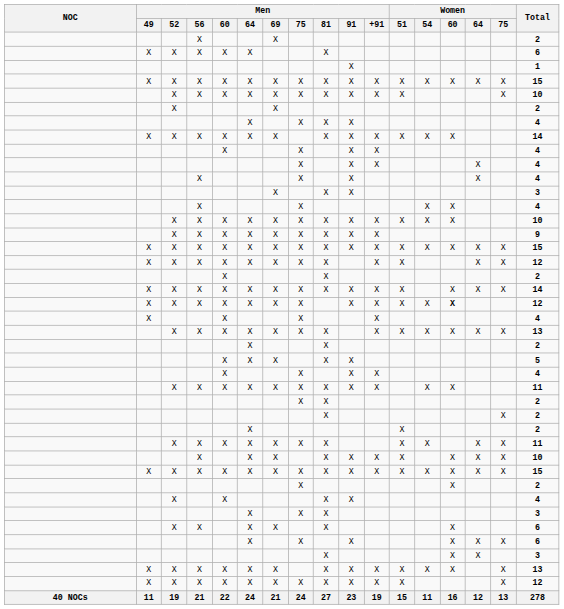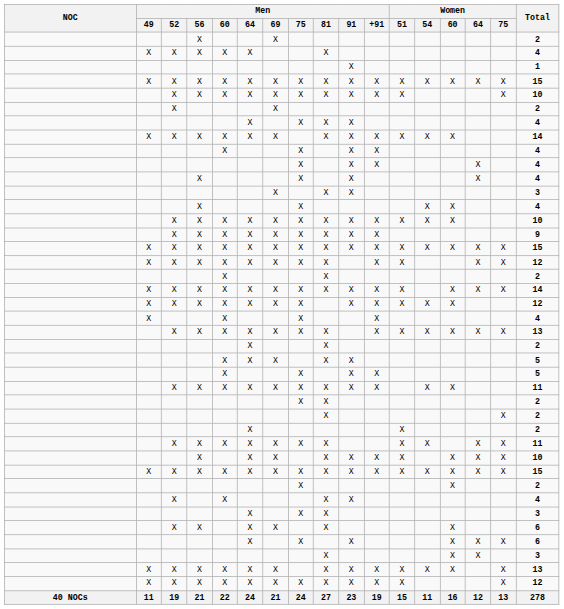 <table class="wikitable" style="text-align:center; font-size:90%">
 <tr>
 <th rowspan="2" width=180 align="left">NOC</th>
 <th colspan="10">Men</th>
 <th colspan=5>Women</th>
 <th ! width=55 rowspan="2">Total</th>
 </tr>
 <tr>
 <th width=30>49</th>
 <th width=30>52</th>
 <th width=30>56</th>
 <th width=30>60</th>
 <th width=30>64</th>
 <th width=30>69</th>
 <th width=30>75</th>
 <th width=30>81</th>
 <th width=30>91</th>
 <th width=30>+91</th>
 <th width=30>51</th>
 <th width=30>54</th>
 <th width=30>60</th>
 <th width=30>64</th>
 <th width=30>75</th>
 </tr>
 <tr>
 <td align=left></td>
 <td></td>
 <td></td>
 <td>X</td>
 <td></td>
 <td></td>
 <td>X</td>
 <td></td>
 <td></td>
 <td></td>
 <td></td>
 <td></td>
 <td></td>
 <td></td>
 <td></td>
 <td></td>
 <td><strong>2</strong></td>
 </tr>
 <tr>
 <td align=left></td>
 <td>X</td>
 <td>X</td>
 <td>X</td>
 <td>X</td>
 <td>X</td>
 <td></td>
 <td></td>
 <td>X</td>
 <td></td>
 <td></td>
 <td></td>
 <td></td>
 <td></td>
 <td></td>
 <td></td>
-<td><strong>6</strong></td>
+<td><strong>4</strong></td>
 </tr>
 <tr>
 <td align=left></td>
 <td></td>
 <td></td>
 <td></td>
 <td></td>
 <td></td>
 <td></td>
 <td></td>
 <td></td>
 <td>X</td>
 <td></td>
 <td></td>
 <td></td>
 <td></td>
 <td></td>
 <td></td>
 <td><strong>1</strong></td>
 </tr>
 <tr>
 <td align=left></td>
 <td>X</td>
 <td>X</td>
 <td>X</td>
 <td>X</td>
 <td>X</td>
 <td>X</td>
 <td>X</td>
 <td>X</td>
 <td>X</td>
 <td>X</td>
 <td>X</td>
 <td>X</td>
 <td>X</td>
 <td>X</td>
 <td>X</td>
 <td><strong>15</strong></td>
 </tr>
 <tr>
 <td align=left></td>
 <td></td>
 <td>X</td>
 <td>X</td>
 <td>X</td>
 <td>X</td>
 <td>X</td>
 <td>X</td>
 <td>X</td>
 <td>X</td>
 <td>X</td>
 <td>X</td>
 <td></td>
 <td></td>
 <td></td>
 <td>X</td>
 <td><strong>10</strong></td>
 </tr>
 <tr>
 <td align=left></td>
 <td></td>
 <td>X</td>
 <td></td>
 <td></td>
 <td></td>
 <td>X</td>
 <td></td>
 <td></td>
 <td></td>
 <td></td>
 <td></td>
 <td></td>
 <td></td>
 <td></td>
 <td></td>
 <td><strong>2</strong></td>
 </tr>
 <tr>
 <td align=left></td>
 <td></td>
 <td></td>
 <td></td>
 <td></td>
 <td>X</td>
 <td></td>
 <td>X</td>
 <td>X</td>
 <td>X</td>
 <td></td>
 <td></td>
 <td></td>
 <td></td>
 <td></td>
 <td></td>
 <td><strong>4</strong></td>
 </tr>
 <tr>
 <td align=left></td>
 <td>X</td>
 <td>X</td>
 <td>X</td>
 <td>X</td>
 <td>X</td>
 <td>X</td>
 <td></td>
 <td>X</td>
 <td>X</td>
 <td>X</td>
 <td>X</td>
 <td>X</td>
 <td>X</td>
 <td></td>
 <td></td>
 <td><strong>14</strong></td>
 </tr>
 <tr>
 <td align=left></td>
 <td></td>
 <td></td>
 <td></td>
 <td>X</td>
 <td></td>
 <td></td>
 <td>X</td>
 <td></td>
 <td>X</td>
 <td>X</td>
 <td></td>
 <td></td>
 <td></td>
 <td></td>
 <td></td>
 <td><strong>4</strong></td>
 </tr>
 <tr>
 <td align=left></td>
 <td></td>
 <td></td>
 <td></td>
 <td></td>
 <td></td>
 <td></td>
 <td>X</td>
 <td></td>
 <td>X</td>
 <td>X</td>
 <td></td>
 <td></td>
 <td></td>
 <td>X</td>
 <td></td>
 <td><strong>4</strong></td>
 </tr>
 <tr>
 <td align=left></td>
 <td></td>
 <td></td>
 <td>X</td>
 <td></td>
 <td></td>
 <td></td>
 <td>X</td>
 <td></td>
 <td>X</td>
 <td></td>
 <td></td>
 <td></td>
 <td></td>
 <td>X</td>
 <td></td>
 <td><strong>4</strong></td>
 </tr>
 <tr>
 <td align=left></td>
 <td></td>
 <td></td>
 <td></td>
 <td></td>
 <td></td>
 <td>X</td>
 <td></td>
 <td>X</td>
 <td>X</td>
 <td></td>
 <td></td>
 <td></td>
 <td></td>
 <td></td>
 <td></td>
 <td><strong>3</strong></td>
 </tr>
 <tr>
 <td align=left></td>
 <td></td>
 <td></td>
 <td>X</td>
 <td></td>
 <td></td>
 <td></td>
 <td>X</td>
 <td></td>
 <td></td>
 <td></td>
 <td></td>
 <td>X</td>
 <td>X</td>
 <td></td>
 <td></td>
 <td><strong>4</strong></td>
 </tr>
 <tr>
 <td align=left></td>
 <td></td>
 <td>X</td>
 <td>X</td>
 <td>X</td>
 <td>X</td>
 <td>X</td>
 <td>X</td>
 <td>X</td>
 <td>X</td>
 <td>X</td>
 <td>X</td>
 <td>X</td>
 <td>X</td>
 <td></td>
 <td></td>
 <td><strong>10</strong></td>
 </tr>
 <tr>
 <td align=left></td>
 <td></td>
 <td>X</td>
 <td>X</td>
 <td>X</td>
 <td>X</td>
 <td>X</td>
 <td>X</td>
 <td>X</td>
 <td>X</td>
 <td>X</td>
 <td></td>
 <td></td>
 <td></td>
 <td></td>
 <td></td>
 <td><strong>9</strong></td>
 </tr>
 <tr>
 <td align=left></td>
 <td>X</td>
 <td>X</td>
 <td>X</td>
 <td>X</td>
 <td>X</td>
 <td>X</td>
 <td>X</td>
 <td>X</td>
 <td>X</td>
 <td>X</td>
 <td>X</td>
 <td>X</td>
 <td>X</td>
 <td>X</td>
 <td>X</td>
 <td><strong>15</strong></td>
 </tr>
 <tr>
 <td align=left></td>
 <td>X</td>
 <td>X</td>
 <td>X</td>
 <td>X</td>
 <td>X</td>
 <td>X</td>
 <td>X</td>
 <td>X</td>
 <td></td>
 <td>X</td>
 <td>X</td>
 <td></td>
 <td></td>
 <td>X</td>
 <td>X</td>
 <td><strong>12</strong></td>
 </tr>
 <tr>
 <td align=left></td>
 <td></td>
 <td></td>
 <td></td>
 <td>X</td>
 <td></td>
 <td></td>
 <td></td>
 <td>X</td>
 <td></td>
 <td></td>
 <td></td>
 <td></td>
 <td></td>
 <td></td>
 <td></td>
 <td><strong>2</strong></td>
 </tr>
 <tr>
 <td align=left></td>
 <td>X</td>
 <td>X</td>
 <td>X</td>
 <td>X</td>
 <td>X</td>
 <td>X</td>
 <td>X</td>
 <td>X</td>
 <td>X</td>
 <td>X</td>
 <td>X</td>
 <td></td>
 <td>X</td>
 <td>X</td>
 <td>X</td>
 <td><strong>14</strong></td>
 </tr>
 <tr>
 <td align=left></td>
 <td>X</td>
 <td>X</td>
 <td>X</td>
 <td>X</td>
 <td>X</td>
 <td>X</td>
 <td>X</td>
 <td></td>
 <td>X</td>
 <td>X</td>
 <td>X</td>
 <td>X</td>
-<td><strong>X</strong></td>
+<td>X</td>
 <td></td>
 <td></td>
 <td><strong>12</strong></td>
 </tr>
 <tr>
 <td align=left></td>
 <td>X</td>
 <td></td>
 <td></td>
 <td>X</td>
 <td></td>
 <td></td>
 <td>X</td>
 <td></td>
 <td></td>
 <td>X</td>
 <td></td>
 <td></td>
 <td></td>
 <td></td>
 <td></td>
 <td><strong>4</strong></td>
 </tr>
 <tr>
 <td align=left></td>
 <td></td>
 <td>X</td>
 <td>X</td>
 <td>X</td>
 <td>X</td>
 <td>X</td>
 <td>X</td>
 <td>X</td>
 <td></td>
 <td>X</td>
 <td>X</td>
 <td>X</td>
 <td>X</td>
 <td>X</td>
 <td>X</td>
 <td><strong>13</strong></td>
 </tr>
 <tr>
 <td align=left></td>
 <td></td>
 <td></td>
 <td></td>
 <td></td>
 <td>X</td>
 <td></td>
 <td></td>
 <td>X</td>
 <td></td>
 <td></td>
 <td></td>
 <td></td>
 <td></td>
 <td></td>
 <td></td>
 <td><strong>2</strong></td>
 </tr>
 <tr>
 <td align=left></td>
 <td></td>
 <td></td>
 <td></td>
 <td>X</td>
 <td>X</td>
 <td>X</td>
 <td></td>
 <td>X</td>
 <td>X</td>
 <td></td>
 <td></td>
 <td></td>
 <td></td>
 <td></td>
 <td></td>
 <td><strong>5</strong></td>
 </tr>
 <tr>
 <td align=left></td>
 <td></td>
 <td></td>
 <td></td>
 <td>X</td>
 <td></td>
 <td></td>
 <td>X</td>
 <td></td>
 <td>X</td>
 <td>X</td>
 <td></td>
 <td></td>
 <td></td>
 <td></td>
 <td></td>
-<td><strong>4</strong></td>
+<td><strong>5</strong></td>
 </tr>
 <tr>
 <td align=left></td>
 <td></td>
 <td>X</td>
 <td>X</td>
 <td>X</td>
 <td>X</td>
 <td>X</td>
 <td>X</td>
 <td>X</td>
 <td>X</td>
 <td>X</td>
 <td></td>
 <td>X</td>
 <td>X</td>
 <td></td>
 <td></td>
 <td><strong>11</strong></td>
 </tr>
 <tr>
 <td align=left></td>
 <td></td>
 <td></td>
 <td></td>
 <td></td>
 <td></td>
 <td></td>
 <td>X</td>
 <td>X</td>
 <td></td>
 <td></td>
 <td></td>
 <td></td>
 <td></td>
 <td></td>
 <td></td>
 <td><strong>2</strong></td>
 </tr>
 <tr>
 <td align=left></td>
 <td></td>
 <td></td>
 <td></td>
 <td></td>
 <td></td>
 <td></td>
 <td></td>
 <td>X</td>
 <td></td>
 <td></td>
 <td></td>
 <td></td>
 <td></td>
 <td></td>
 <td>X</td>
 <td><strong>2</strong></td>
 </tr>
 <tr>
 <td align=left></td>
 <td></td>
 <td></td>
 <td></td>
 <td></td>
 <td>X</td>
 <td></td>
 <td></td>
 <td></td>
 <td></td>
 <td></td>
 <td>X</td>
 <td></td>
 <td></td>
 <td></td>
 <td></td>
 <td><strong>2</strong></td>
 </tr>
 <tr>
 <td align=left></td>
 <td></td>
 <td>X</td>
 <td>X</td>
 <td>X</td>
 <td>X</td>
 <td>X</td>
 <td>X</td>
 <td>X</td>
 <td></td>
 <td></td>
 <td>X</td>
 <td>X</td>
 <td></td>
 <td>X</td>
 <td>X</td>
 <td><strong>11</strong></td>
 </tr>
 <tr>
 <td align=left></td>
 <td></td>
 <td></td>
 <td>X</td>
 <td></td>
 <td>X</td>
 <td>X</td>
 <td></td>
 <td>X</td>
 <td>X</td>
 <td>X</td>
 <td>X</td>
 <td></td>
 <td>X</td>
 <td>X</td>
 <td>X</td>
 <td><strong>10</strong></td>
 </tr>
 <tr>
 <td align=left></td>
 <td>X</td>
 <td>X</td>
 <td>X</td>
 <td>X</td>
 <td>X</td>
 <td>X</td>
 <td>X</td>
 <td>X</td>
 <td>X</td>
 <td>X</td>
 <td>X</td>
 <td>X</td>
 <td>X</td>
 <td>X</td>
 <td>X</td>
 <td><strong>15</strong></td>
 </tr>
 <tr>
 <td align=left></td>
 <td></td>
 <td></td>
 <td></td>
 <td></td>
 <td></td>
 <td></td>
 <td>X</td>
 <td></td>
 <td></td>
 <td></td>
 <td></td>
 <td></td>
 <td>X</td>
 <td></td>
 <td></td>
 <td><strong>2</strong></td>
 </tr>
 <tr>
 <td align=left></td>
 <td></td>
 <td>X</td>
 <td></td>
 <td>X</td>
 <td></td>
 <td></td>
 <td></td>
 <td>X</td>
 <td>X</td>
 <td></td>
 <td></td>
 <td></td>
 <td></td>
 <td></td>
 <td></td>
 <td><strong>4</strong></td>
 </tr>
 <tr>
 <td align=left></td>
 <td></td>
 <td></td>
 <td></td>
 <td></td>
 <td>X</td>
 <td></td>
 <td>X</td>
 <td>X</td>
 <td></td>
 <td></td>
 <td></td>
 <td></td>
 <td></td>
 <td></td>
 <td></td>
 <td><strong>3</strong></td>
 </tr>
 <tr>
 <td align=left></td>
 <td></td>
 <td>X</td>
 <td>X</td>
 <td></td>
 <td>X</td>
 <td>X</td>
 <td></td>
 <td>X</td>
 <td></td>
 <td></td>
 <td></td>
 <td></td>
 <td>X</td>
 <td></td>
 <td></td>
 <td><strong>6</strong></td>
 </tr>
 <tr>
 <td align=left></td>
 <td></td>
 <td></td>
 <td></td>
 <td></td>
 <td>X</td>
 <td></td>
 <td>X</td>
 <td></td>
 <td>X</td>
 <td></td>
 <td></td>
 <td></td>
 <td>X</td>
 <td>X</td>
 <td>X</td>
 <td><strong>6</strong></td>
 </tr>
 <tr>
 <td align=left></td>
 <td></td>
 <td></td>
 <td></td>
 <td></td>
 <td></td>
 <td></td>
 <td></td>
 <td>X</td>
 <td></td>
 <td></td>
 <td></td>
 <td></td>
 <td>X</td>
 <td>X</td>
 <td></td>
 <td><strong>3</strong></td>
 </tr>
 <tr>
 <td align=left></td>
 <td>X</td>
 <td>X</td>
 <td>X</td>
 <td>X</td>
 <td>X</td>
 <td>X</td>
 <td></td>
 <td>X</td>
 <td>X</td>
 <td>X</td>
 <td>X</td>
 <td>X</td>
 <td>X</td>
 <td></td>
 <td>X</td>
 <td><strong>13</strong></td>
 </tr>
 <tr>
 <td align=left></td>
 <td>X</td>
 <td>X</td>
 <td>X</td>
 <td>X</td>
 <td>X</td>
 <td>X</td>
 <td>X</td>
 <td>X</td>
 <td>X</td>
 <td>X</td>
 <td>X</td>
 <td></td>
 <td></td>
 <td></td>
 <td>X</td>
 <td><strong>12</strong></td>
 </tr>
 <tr>
 <th>40 NOCs</th>
 <th>11</th>
 <th>19</th>
 <th>21</th>
 <th>22</th>
 <th>24</th>
 <th>21</th>
 <th>24</th>
 <th>27</th>
 <th>23</th>
 <th>19</th>
 <th>15</th>
 <th>11</th>
 <th>16</th>
 <th>12</th>
 <th>13</th>
 <th>278</th>
 </tr>
 </table>
